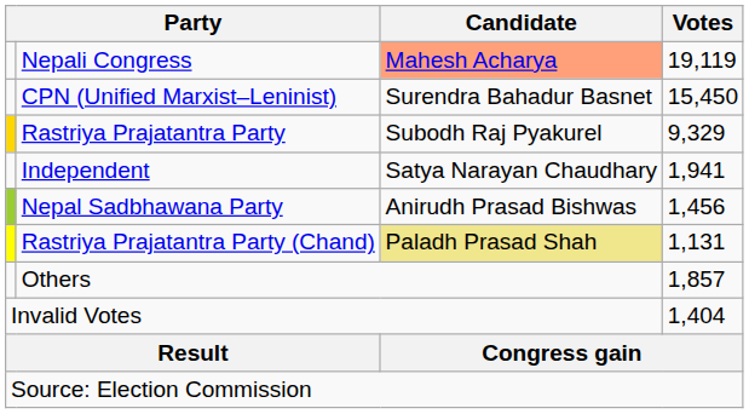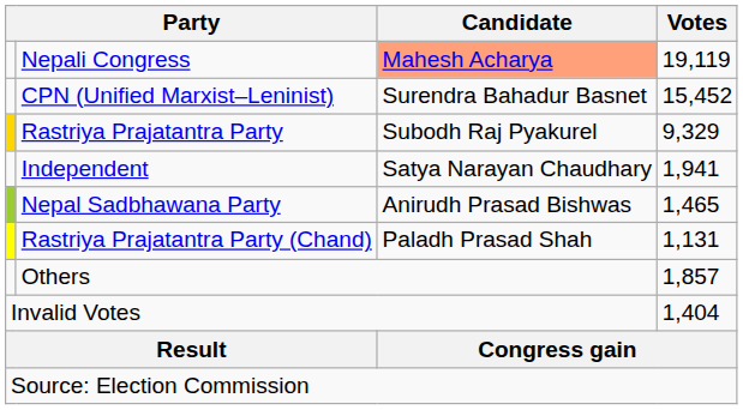 <table class="wikitable">
 <tr>
 <th colspan="2">Party</th>
 <th>Candidate</th>
 <th>Votes</th>
 </tr>
 <tr>
 <td style="background-color:"></td>
 <td><a href='#'>Nepali Congress</a></td>
 <td style="background: lightsalmon;"><a href='#'>Mahesh Acharya</a></td>
 <td>19,119</td>
 </tr>
 <tr>
 <td style="background-color:"></td>
 <td><a href='#'>CPN (Unified Marxist–Leninist)</a></td>
 <td>Surendra Bahadur Basnet</td>
-<td>15,450</td>
+<td>15,452</td>
 </tr>
 <tr>
 <td style="background-color:gold"></td>
 <td><a href='#'>Rastriya Prajatantra Party</a></td>
 <td>Subodh Raj Pyakurel</td>
 <td>9,329</td>
 </tr>
 <tr>
 <td style="background-color:"></td>
 <td><a href='#'>Independent</a></td>
 <td>Satya Narayan Chaudhary</td>
 <td>1,941</td>
 </tr>
 <tr>
 <td style="background-color:yellowgreen"></td>
 <td><a href='#'>Nepal Sadbhawana Party</a></td>
 <td>Anirudh Prasad Bishwas</td>
-<td>1,456</td>
+<td>1,465</td>
 </tr>
 <tr>
 <td style="background-color:yellow"></td>
 <td><a href='#'>Rastriya Prajatantra Party (Chand)</a></td>
-<td style="background: khaki;">Paladh Prasad Shah</td>
+<td>Paladh Prasad Shah</td>
 <td>1,131</td>
 </tr>
 <tr>
 <td></td>
 <td colspan="2">Others</td>
 <td>1,857</td>
 </tr>
 <tr>
 <td colspan="3">Invalid Votes</td>
 <td>1,404</td>
 </tr>
 <tr>
 <th colspan="2">Result</th>
 <th colspan="2">Congress gain</th>
 </tr>
 <tr>
 <td colspan="4">Source: Election Commission</td>
 </tr>
 </table>
